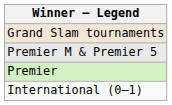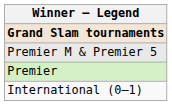 <table class=wikitable style="font-size:95%">
 <tr>
 <th>Winner — Legend</th>
 </tr>
 <tr>
-<td style="background:#f3e6d7;">Grand Slam tournaments</td>
+<td style="background:#f3e6d7;"><strong>Grand Slam tournaments</strong></td>
 </tr>
 <tr>
 <td style="background:#e9e9e9;">Premier M & Premier 5</td>
 </tr>
 <tr>
 <td style="background:#d4f1c5;">Premier</td>
 </tr>
 <tr>
 <td>International (0–1)</td>
 </tr>
 </table>
